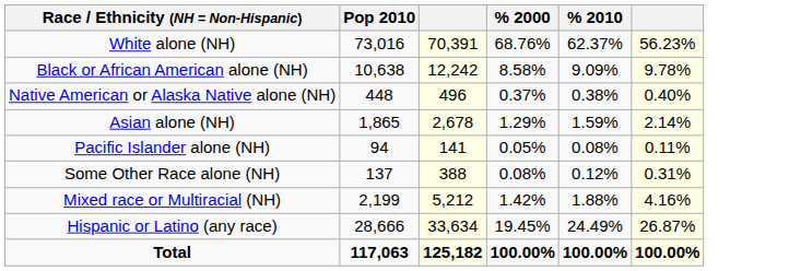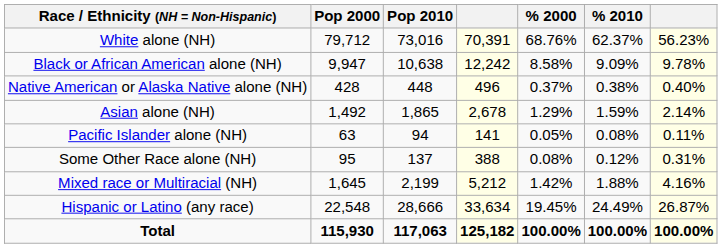 <table class="wikitable" style="text-align:center;">
 <tr>
 <th>Race / Ethnicity <small>(<em>NH = Non-Hispanic</em>)</small></th>
+<th>Pop 2000</th>
 <th>Pop 2010</th>
 <th></th>
 <th>% 2000</th>
 <th>% 2010</th>
 <th></th>
 </tr>
 <tr>
 <td><a href='#'>White</a> alone (NH)</td>
+<td>79,712</td>
 <td>73,016</td>
 <td style='background: #ffffe6;'>70,391</td>
 <td>68.76%</td>
 <td>62.37%</td>
 <td style='background: #ffffe6;'>56.23%</td>
 </tr>
 <tr>
 <td><a href='#'>Black or African American</a> alone (NH)</td>
+<td>9,947</td>
 <td>10,638</td>
 <td style='background: #ffffe6;'>12,242</td>
 <td>8.58%</td>
 <td>9.09%</td>
 <td style='background: #ffffe6;'>9.78%</td>
 </tr>
 <tr>
 <td><a href='#'>Native American</a> or <a href='#'>Alaska Native</a> alone (NH)</td>
+<td>428</td>
 <td>448</td>
 <td style='background: #ffffe6;'>496</td>
 <td>0.37%</td>
 <td>0.38%</td>
 <td style='background: #ffffe6;'>0.40%</td>
 </tr>
 <tr>
 <td><a href='#'>Asian</a> alone (NH)</td>
+<td>1,492</td>
 <td>1,865</td>
 <td style='background: #ffffe6;'>2,678</td>
 <td>1.29%</td>
 <td>1.59%</td>
 <td style='background: #ffffe6;'>2.14%</td>
 </tr>
 <tr>
 <td><a href='#'>Pacific Islander</a> alone (NH)</td>
+<td>63</td>
 <td>94</td>
 <td style='background: #ffffe6;'>141</td>
 <td>0.05%</td>
 <td>0.08%</td>
 <td style='background: #ffffe6;'>0.11%</td>
 </tr>
 <tr>
 <td>Some Other Race alone (NH)</td>
+<td>95</td>
 <td>137</td>
 <td style='background: #ffffe6;'>388</td>
 <td>0.08%</td>
 <td>0.12%</td>
 <td style='background: #ffffe6;'>0.31%</td>
 </tr>
 <tr>
 <td><a href='#'>Mixed race or Multiracial</a> (NH)</td>
+<td>1,645</td>
 <td>2,199</td>
 <td style='background: #ffffe6;'>5,212</td>
 <td>1.42%</td>
 <td>1.88%</td>
 <td style='background: #ffffe6;'>4.16%</td>
 </tr>
 <tr>
 <td><a href='#'>Hispanic or Latino</a> (any race)</td>
+<td>22,548</td>
 <td>28,666</td>
 <td style='background: #ffffe6;'>33,634</td>
 <td>19.45%</td>
 <td>24.49%</td>
 <td style='background: #ffffe6;'>26.87%</td>
 </tr>
 <tr>
 <td><strong>Total</strong></td>
+<td><strong>115,930</strong></td>
 <td><strong>117,063</strong></td>
 <td style='background: #ffffe6;'><strong>125,182</strong></td>
 <td><strong>100.00%</strong></td>
 <td><strong>100.00%</strong></td>
 <td style='background: #ffffe6;'><strong>100.00%</strong></td>
 </tr>
 </table>
